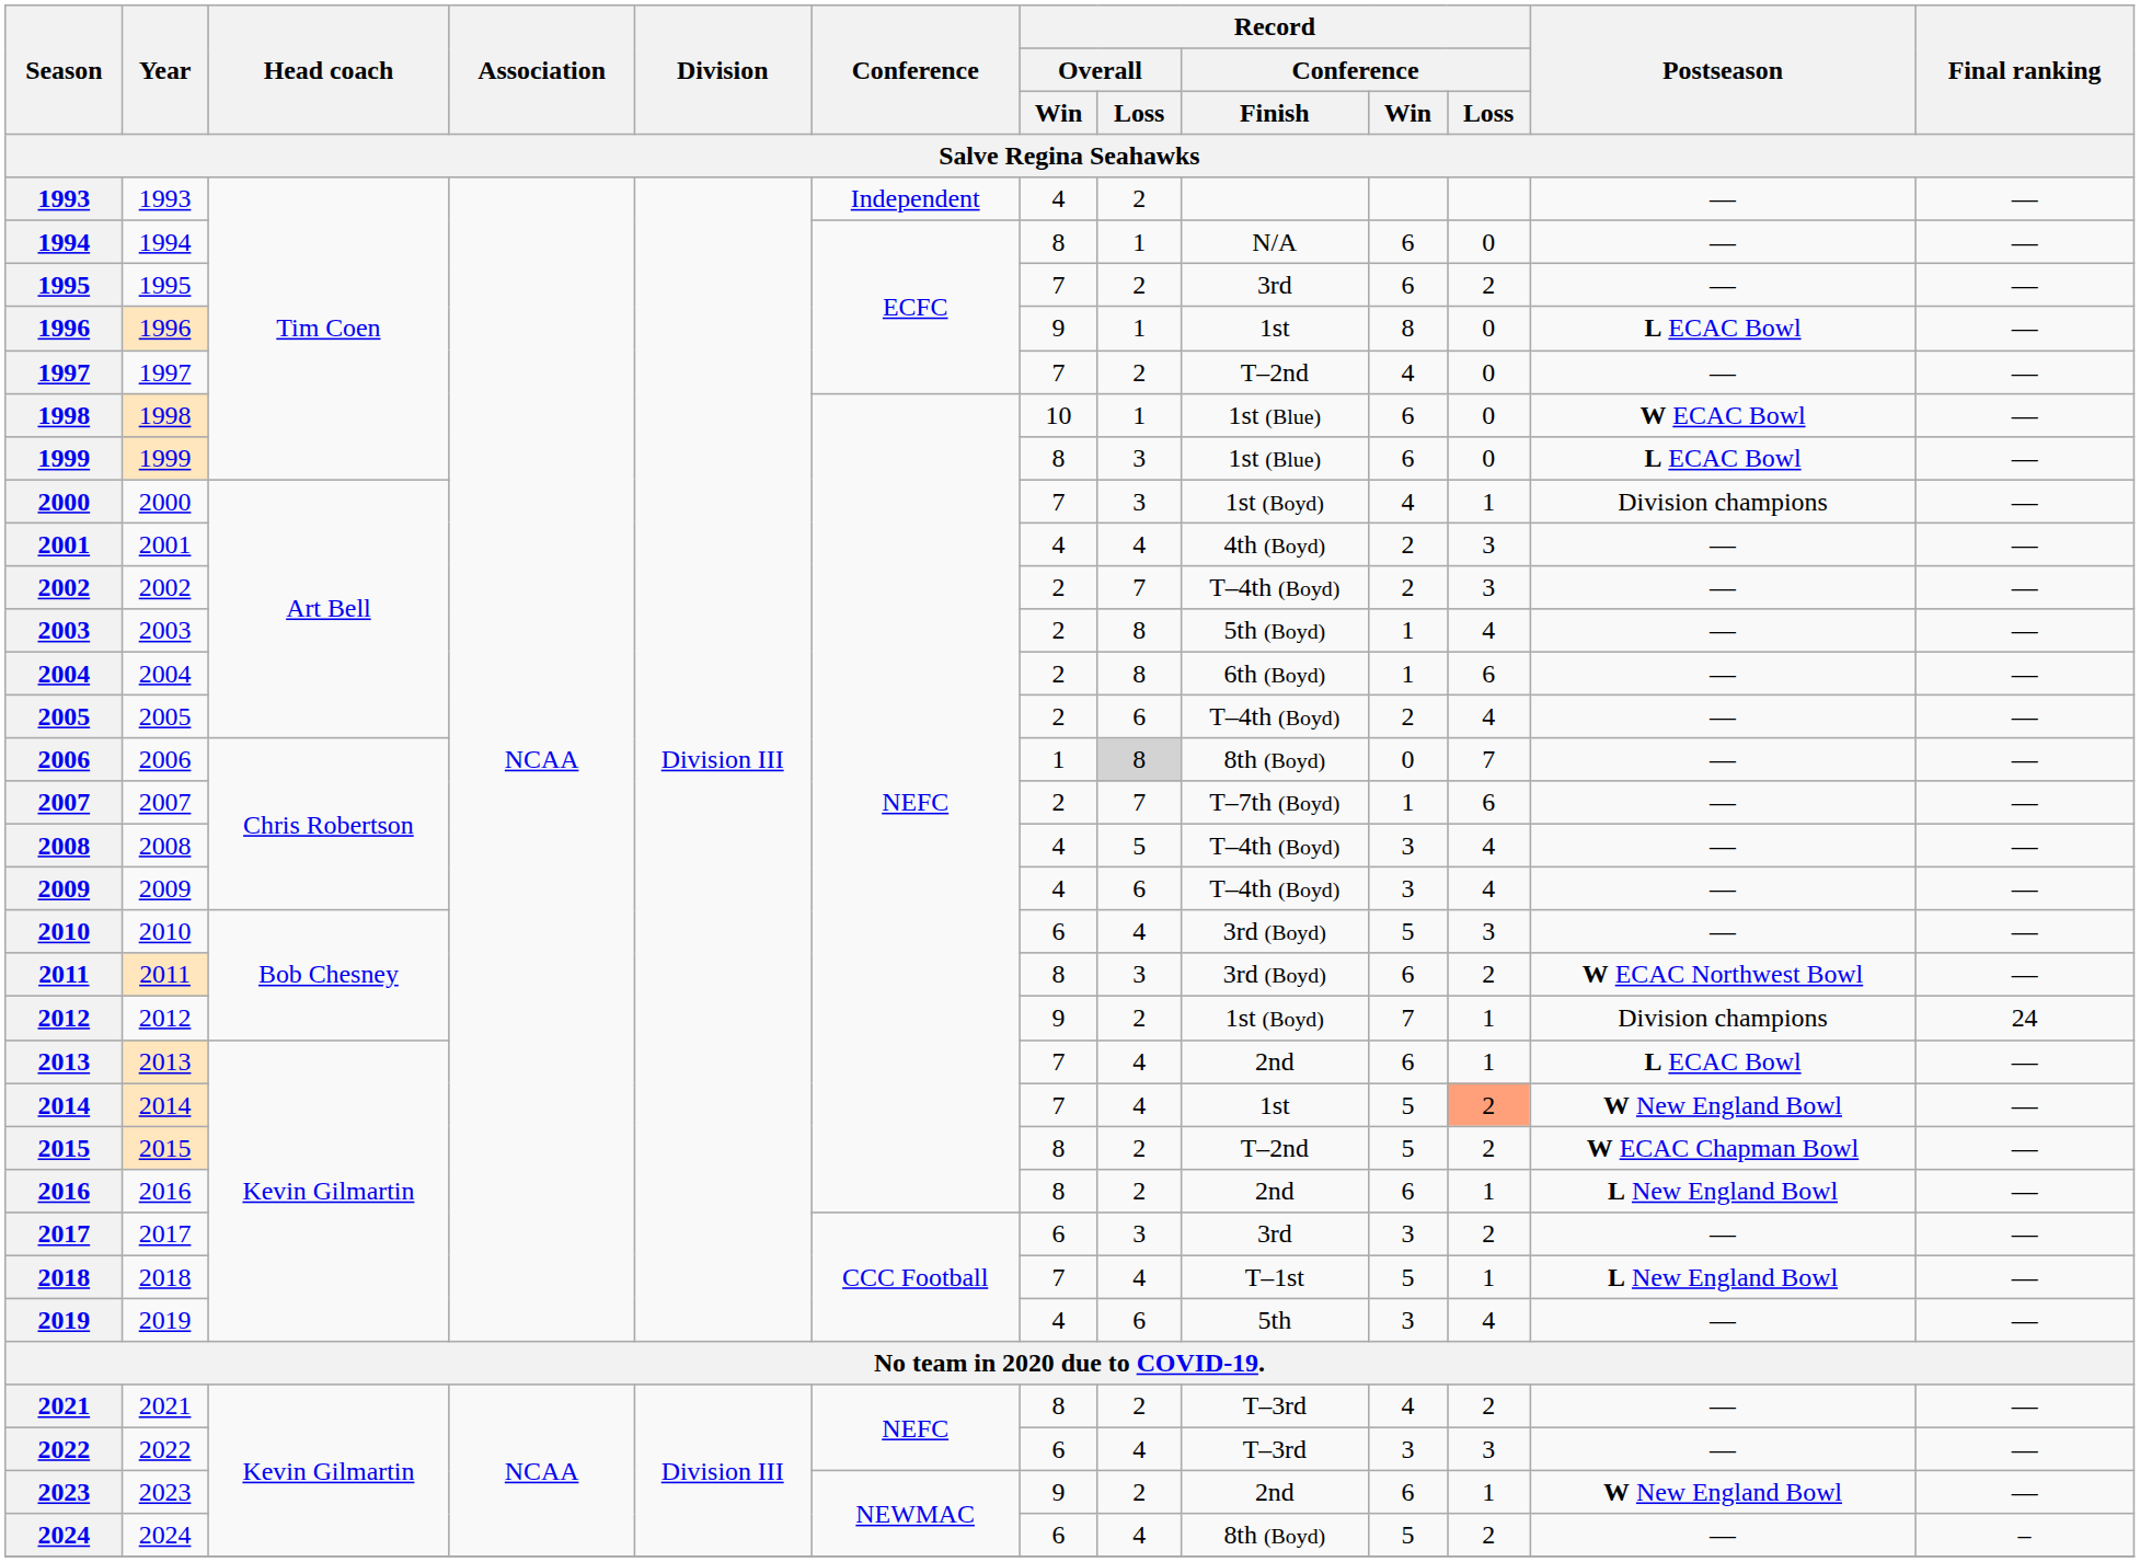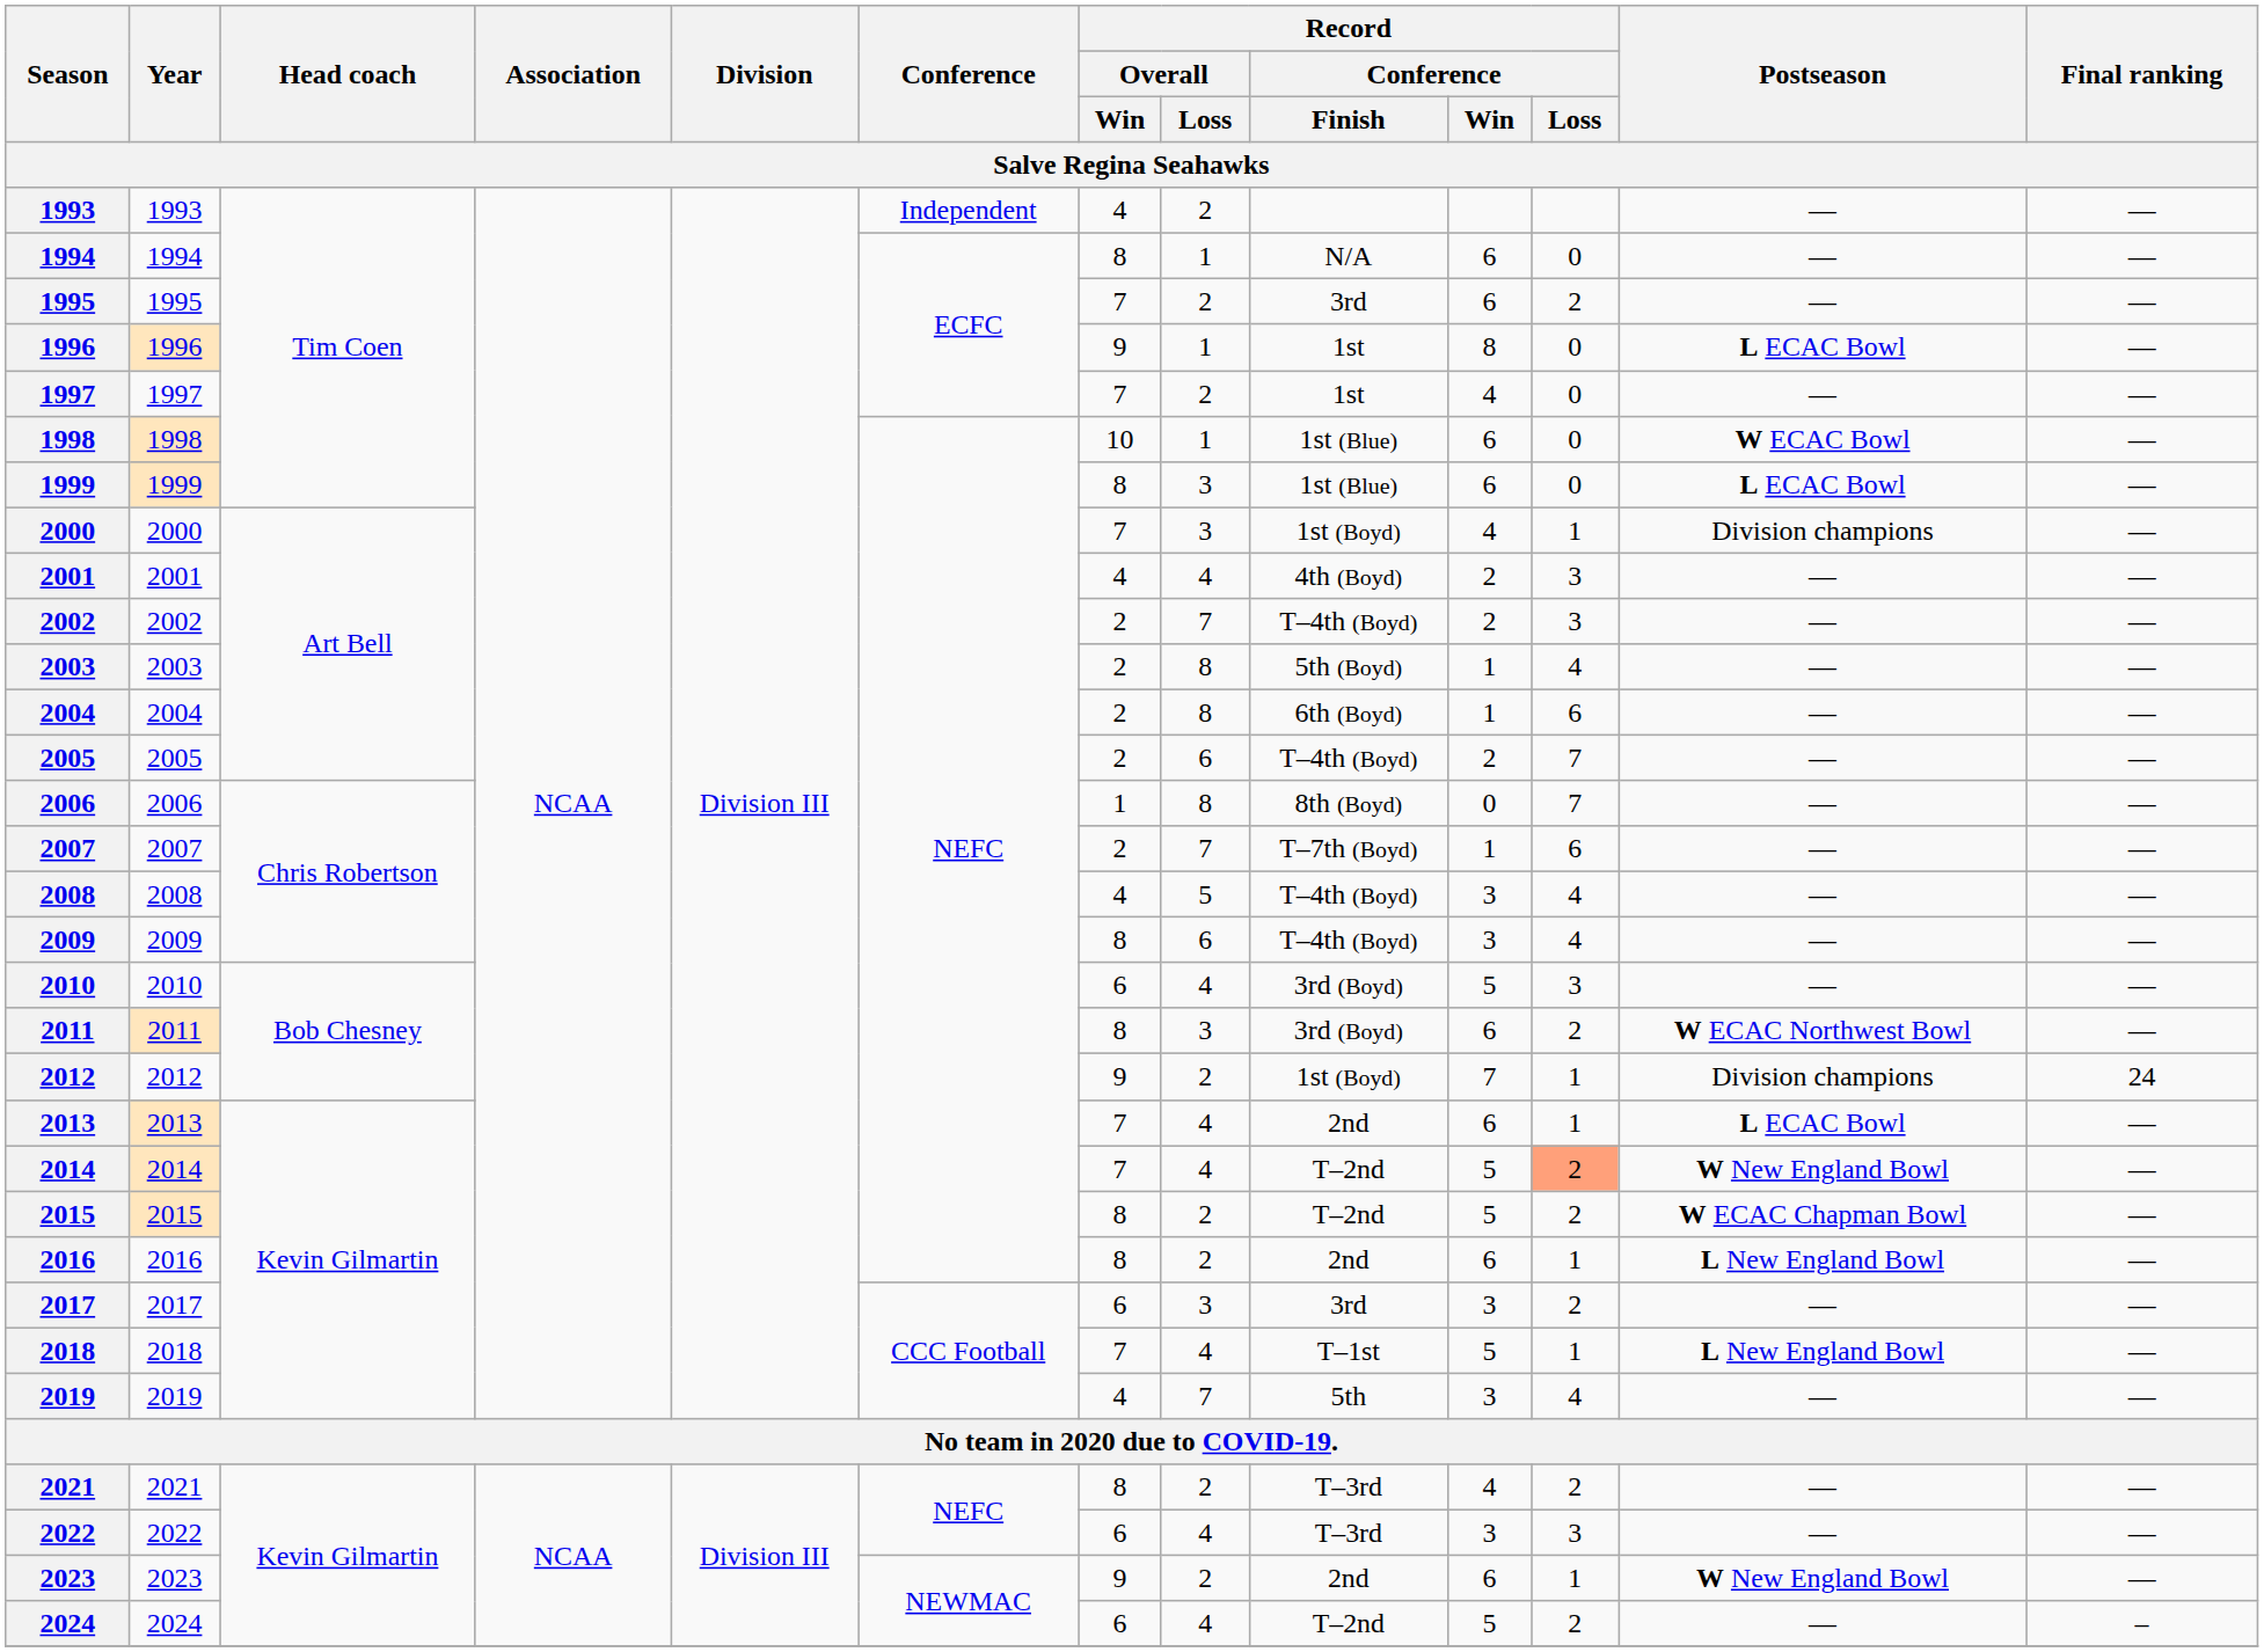 <table class="wikitable" style="font-size: 95%; width:98%;text-align:center;">
 <tr>
 <th rowspan="3">Season</th>
 <th rowspan="3">Year</th>
 <th rowspan="3">Head coach</th>
 <th rowspan="3">Association</th>
 <th rowspan="3">Division</th>
 <th rowspan="3">Conference</th>
 <th colspan="5">Record</th>
 <th rowspan="3">Postseason</th>
 <th rowspan="3">Final ranking</th>
 </tr>
 <tr>
 <th colspan="2">Overall</th>
 <th colspan="3">Conference</th>
 </tr>
 <tr>
 <th>Win</th>
 <th>Loss</th>
 <th>Finish</th>
 <th>Win</th>
 <th>Loss</th>
 </tr>
 <tr>
 <th colspan=15 style=>Salve Regina Seahawks</th>
 </tr>
 <tr>
 <th><a href='#'>1993</a></th>
 <td><a href='#'>1993</a></td>
 <td rowspan="7"><a href='#'>Tim Coen</a></td>
 <td rowspan="27"><a href='#'>NCAA</a></td>
 <td rowspan="27"><a href='#'>Division III</a></td>
 <td><a href='#'>Independent</a></td>
 <td>4</td>
 <td>2</td>
 <td></td>
 <td></td>
 <td></td>
 <td>—</td>
 <td>—</td>
 </tr>
 <tr>
 <th><a href='#'>1994</a></th>
 <td><a href='#'>1994</a></td>
 <td rowspan="4"><a href='#'>ECFC</a></td>
 <td>8</td>
 <td>1</td>
 <td>N/A</td>
 <td>6</td>
 <td>0</td>
 <td>—</td>
 <td>—</td>
 </tr>
 <tr>
 <th><a href='#'>1995</a></th>
 <td><a href='#'>1995</a></td>
 <td>7</td>
 <td>2</td>
 <td>3rd</td>
 <td>6</td>
 <td>2</td>
 <td>—</td>
 <td>—</td>
 </tr>
 <tr>
 <th><a href='#'>1996</a></th>
 <td bgcolor="#ffe6bd"><a href='#'>1996</a></td>
 <td>9</td>
 <td>1</td>
 <td>1st</td>
 <td>8</td>
 <td>0</td>
 <td><strong>L</strong> <a href='#'>ECAC Bowl</a></td>
 <td>—</td>
 </tr>
 <tr>
 <th><a href='#'>1997</a></th>
 <td><a href='#'>1997</a></td>
 <td>7</td>
 <td>2</td>
-<td>T–2nd</td>
+<td>1st</td>
 <td>4</td>
 <td>0</td>
 <td>—</td>
 <td>—</td>
 </tr>
 <tr>
 <th><a href='#'>1998</a></th>
 <td bgcolor="#ffe6bd"><a href='#'>1998</a></td>
 <td rowspan="19"><a href='#'>NEFC</a></td>
 <td>10</td>
 <td>1</td>
 <td>1st <small>(Blue)</small></td>
 <td>6</td>
 <td>0</td>
 <td><strong>W</strong> <a href='#'>ECAC Bowl</a></td>
 <td>—</td>
 </tr>
 <tr>
 <th><a href='#'>1999</a></th>
 <td bgcolor="#ffe6bd"><a href='#'>1999</a></td>
 <td>8</td>
 <td>3</td>
 <td>1st <small>(Blue)</small></td>
 <td>6</td>
 <td>0</td>
 <td><strong>L</strong> <a href='#'>ECAC Bowl</a></td>
 <td>—</td>
 </tr>
 <tr>
 <th><a href='#'>2000</a></th>
 <td><a href='#'>2000</a></td>
 <td rowspan="6"><a href='#'>Art Bell</a></td>
 <td>7</td>
 <td>3</td>
 <td>1st <small>(Boyd)</small></td>
 <td>4</td>
 <td>1</td>
 <td>Division champions</td>
 <td>—</td>
 </tr>
 <tr>
 <th><a href='#'>2001</a></th>
 <td><a href='#'>2001</a></td>
 <td>4</td>
 <td>4</td>
 <td>4th <small>(Boyd)</small></td>
 <td>2</td>
 <td>3</td>
 <td>—</td>
 <td>—</td>
 </tr>
 <tr>
 <th><a href='#'>2002</a></th>
 <td><a href='#'>2002</a></td>
 <td>2</td>
 <td>7</td>
 <td>T–4th <small>(Boyd)</small></td>
 <td>2</td>
 <td>3</td>
 <td>—</td>
 <td>—</td>
 </tr>
 <tr>
 <th><a href='#'>2003</a></th>
 <td><a href='#'>2003</a></td>
 <td>2</td>
 <td>8</td>
 <td>5th <small>(Boyd)</small></td>
 <td>1</td>
 <td>4</td>
 <td>—</td>
 <td>—</td>
 </tr>
 <tr>
 <th><a href='#'>2004</a></th>
 <td><a href='#'>2004</a></td>
 <td>2</td>
 <td>8</td>
 <td>6th <small>(Boyd)</small></td>
 <td>1</td>
 <td>6</td>
 <td>—</td>
 <td>—</td>
 </tr>
 <tr>
 <th><a href='#'>2005</a></th>
 <td><a href='#'>2005</a></td>
 <td>2</td>
 <td>6</td>
 <td>T–4th <small>(Boyd)</small></td>
 <td>2</td>
-<td>4</td>
+<td>7</td>
 <td>—</td>
 <td>—</td>
 </tr>
 <tr>
 <th><a href='#'>2006</a></th>
 <td><a href='#'>2006</a></td>
 <td rowspan="4"><a href='#'>Chris Robertson</a></td>
 <td>1</td>
-<td style="background: lightgrey;">8</td>
+<td>8</td>
 <td>8th <small>(Boyd)</small></td>
 <td>0</td>
 <td>7</td>
 <td>—</td>
 <td>—</td>
 </tr>
 <tr>
 <th><a href='#'>2007</a></th>
 <td><a href='#'>2007</a></td>
 <td>2</td>
 <td>7</td>
 <td>T–7th <small>(Boyd)</small></td>
 <td>1</td>
 <td>6</td>
 <td>—</td>
 <td>—</td>
 </tr>
 <tr>
 <th><a href='#'>2008</a></th>
 <td><a href='#'>2008</a></td>
 <td>4</td>
 <td>5</td>
 <td>T–4th <small>(Boyd)</small></td>
 <td>3</td>
 <td>4</td>
 <td>—</td>
 <td>—</td>
 </tr>
 <tr>
 <th><a href='#'>2009</a></th>
 <td><a href='#'>2009</a></td>
-<td>4</td>
+<td>8</td>
 <td>6</td>
 <td>T–4th <small>(Boyd)</small></td>
 <td>3</td>
 <td>4</td>
 <td>—</td>
 <td>—</td>
 </tr>
 <tr>
 <th><a href='#'>2010</a></th>
 <td><a href='#'>2010</a></td>
 <td rowspan="3"><a href='#'>Bob Chesney</a></td>
 <td>6</td>
 <td>4</td>
 <td>3rd <small>(Boyd)</small></td>
 <td>5</td>
 <td>3</td>
 <td>—</td>
 <td>—</td>
 </tr>
 <tr>
 <th><a href='#'>2011</a></th>
 <td bgcolor="#ffe6bd"><a href='#'>2011</a></td>
 <td>8</td>
 <td>3</td>
 <td>3rd <small>(Boyd)</small></td>
 <td>6</td>
 <td>2</td>
 <td><strong>W</strong> <a href='#'>ECAC Northwest Bowl</a></td>
 <td>—</td>
 </tr>
 <tr>
 <th><a href='#'>2012</a></th>
 <td><a href='#'>2012</a></td>
 <td>9</td>
 <td>2</td>
 <td>1st <small>(Boyd)</small></td>
 <td>7</td>
 <td>1</td>
 <td>Division champions</td>
 <td>24</td>
 </tr>
 <tr>
 <th><a href='#'>2013</a></th>
 <td bgcolor="#ffe6bd"><a href='#'>2013</a></td>
 <td rowspan="7"><a href='#'>Kevin Gilmartin</a></td>
 <td>7</td>
 <td>4</td>
 <td>2nd</td>
 <td>6</td>
 <td>1</td>
 <td><strong>L</strong> <a href='#'>ECAC Bowl</a></td>
 <td>—</td>
 </tr>
 <tr>
 <th><a href='#'>2014</a></th>
 <td bgcolor="#ffe6bd"><a href='#'>2014</a></td>
 <td>7</td>
 <td>4</td>
-<td>1st</td>
+<td>T–2nd</td>
 <td>5</td>
 <td style="background: lightsalmon;">2</td>
 <td><strong>W</strong> <a href='#'>New England Bowl</a></td>
 <td>—</td>
 </tr>
 <tr>
 <th><a href='#'>2015</a></th>
 <td bgcolor="#ffe6bd"><a href='#'>2015</a></td>
 <td>8</td>
 <td>2</td>
 <td>T–2nd</td>
 <td>5</td>
 <td>2</td>
 <td><strong>W</strong> <a href='#'>ECAC Chapman Bowl</a></td>
 <td>—</td>
 </tr>
 <tr>
 <th><a href='#'>2016</a></th>
 <td><a href='#'>2016</a></td>
 <td>8</td>
 <td>2</td>
 <td>2nd</td>
 <td>6</td>
 <td>1</td>
 <td><strong>L</strong> <a href='#'>New England Bowl</a></td>
 <td>—</td>
 </tr>
 <tr>
 <th><a href='#'>2017</a></th>
 <td><a href='#'>2017</a></td>
 <td rowspan="3"><a href='#'>CCC Football</a></td>
 <td>6</td>
 <td>3</td>
 <td>3rd</td>
 <td>3</td>
 <td>2</td>
 <td>—</td>
 <td>—</td>
 </tr>
 <tr>
 <th><a href='#'>2018</a></th>
 <td><a href='#'>2018</a></td>
 <td>7</td>
 <td>4</td>
 <td>T–1st</td>
 <td>5</td>
 <td>1</td>
 <td><strong>L</strong> <a href='#'>New England Bowl</a></td>
 <td>—</td>
 </tr>
 <tr>
 <th><a href='#'>2019</a></th>
 <td><a href='#'>2019</a></td>
 <td>4</td>
-<td>6</td>
+<td>7</td>
 <td>5th</td>
 <td>3</td>
 <td>4</td>
 <td>—</td>
 <td>—</td>
 </tr>
 <tr>
 <th colspan=15 style=>No team in 2020 due to <a href='#'>COVID-19</a>.</th>
 </tr>
 <tr>
 <th><a href='#'>2021</a></th>
 <td><a href='#'>2021</a></td>
 <td rowspan="4"><a href='#'>Kevin Gilmartin</a></td>
 <td rowspan="4"><a href='#'>NCAA</a></td>
 <td rowspan="4"><a href='#'>Division III</a></td>
 <td rowspan="2"><a href='#'>NEFC</a></td>
 <td>8</td>
 <td>2</td>
 <td>T–3rd</td>
 <td>4</td>
 <td>2</td>
 <td>—</td>
 <td>—</td>
 </tr>
 <tr>
 <th><a href='#'>2022</a></th>
 <td><a href='#'>2022</a></td>
 <td>6</td>
 <td>4</td>
 <td>T–3rd</td>
 <td>3</td>
 <td>3</td>
 <td>—</td>
 <td>—</td>
 </tr>
 <tr>
 <th><a href='#'>2023</a></th>
 <td><a href='#'>2023</a></td>
 <td rowspan="2"><a href='#'>NEWMAC</a></td>
 <td>9</td>
 <td>2</td>
 <td>2nd</td>
 <td>6</td>
 <td>1</td>
 <td><strong>W</strong> <a href='#'>New England Bowl</a></td>
 <td>—</td>
 </tr>
 <tr>
 <th><a href='#'>2024</a></th>
 <td><a href='#'>2024</a></td>
 <td>6</td>
 <td>4</td>
-<td>8th <small>(Boyd)</small></td>
+<td>T–2nd</td>
 <td>5</td>
 <td>2</td>
 <td>—</td>
 <td>–</td>
 </tr>
 <tr>
 </tr>
 </table>
